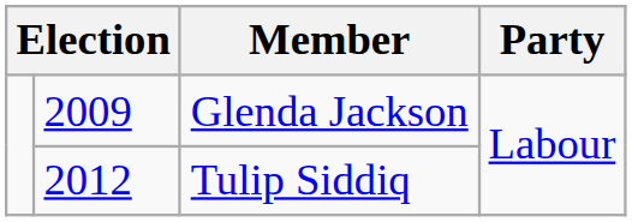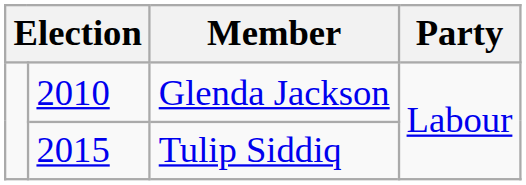 <table class="wikitable">
 <tr>
 <th colspan="2">Election</th>
 <th>Member</th>
 <th>Party</th>
 </tr>
 <tr>
 <td rowspan=2 style="color:inherit;background-color: "></td>
-<td><a href='#'>2009</a></td>
+<td><a href='#'>2010</a></td>
 <td><a href='#'>Glenda Jackson</a></td>
 <td rowspan=2><a href='#'>Labour</a></td>
 </tr>
 <tr>
-<td><a href='#'>2012</a></td>
+<td><a href='#'>2015</a></td>
 <td><a href='#'>Tulip Siddiq</a></td>
 </tr>
 </table>
